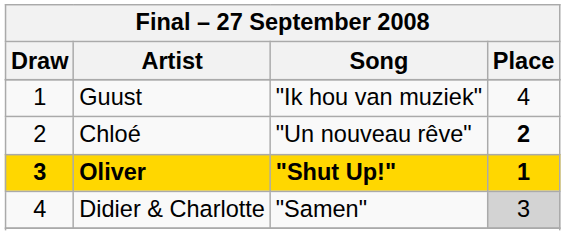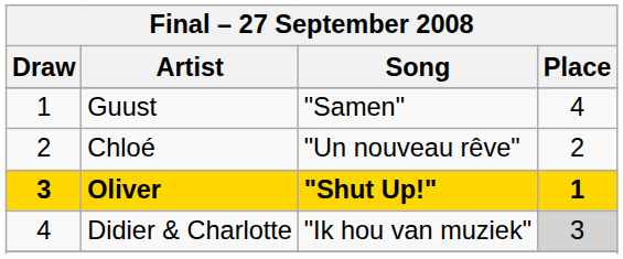 <table class="sortable wikitable" style="margin: 1em auto 1em auto">
 <tr>
 <th colspan="4"><strong>Final – 27 September 2008</strong></th>
 </tr>
 <tr>
 <th>Draw</th>
 <th>Artist</th>
 <th>Song</th>
 <th>Place</th>
 </tr>
 <tr>
 </tr>
 <tr>
 <td align="center">1</td>
 <td>Guust</td>
-<td>"Ik hou van muziek"</td>
+<td>"Samen"</td>
 <td align="center">4</td>
 </tr>
 <tr>
 <td align="center">2</td>
 <td>Chloé</td>
 <td>"Un nouveau rêve"</td>
-<td align="center"><strong>2</strong></td>
+<td align="center">2</td>
 </tr>
 <tr style="font-weight:bold; background:gold;">
 <td align="center">3</td>
 <td><strong>Oliver</strong></td>
 <td><strong>"Shut Up!"</strong></td>
 <td align="center"><strong>1</strong></td>
 </tr>
 <tr>
 <td align="center">4</td>
 <td>Didier & Charlotte</td>
-<td>"Samen"</td>
+<td>"Ik hou van muziek"</td>
 <td align="center" style="background: lightgrey;">3</td>
 </tr>
 <tr>
 </tr>
 <tr>
 </tr>
 </table>
